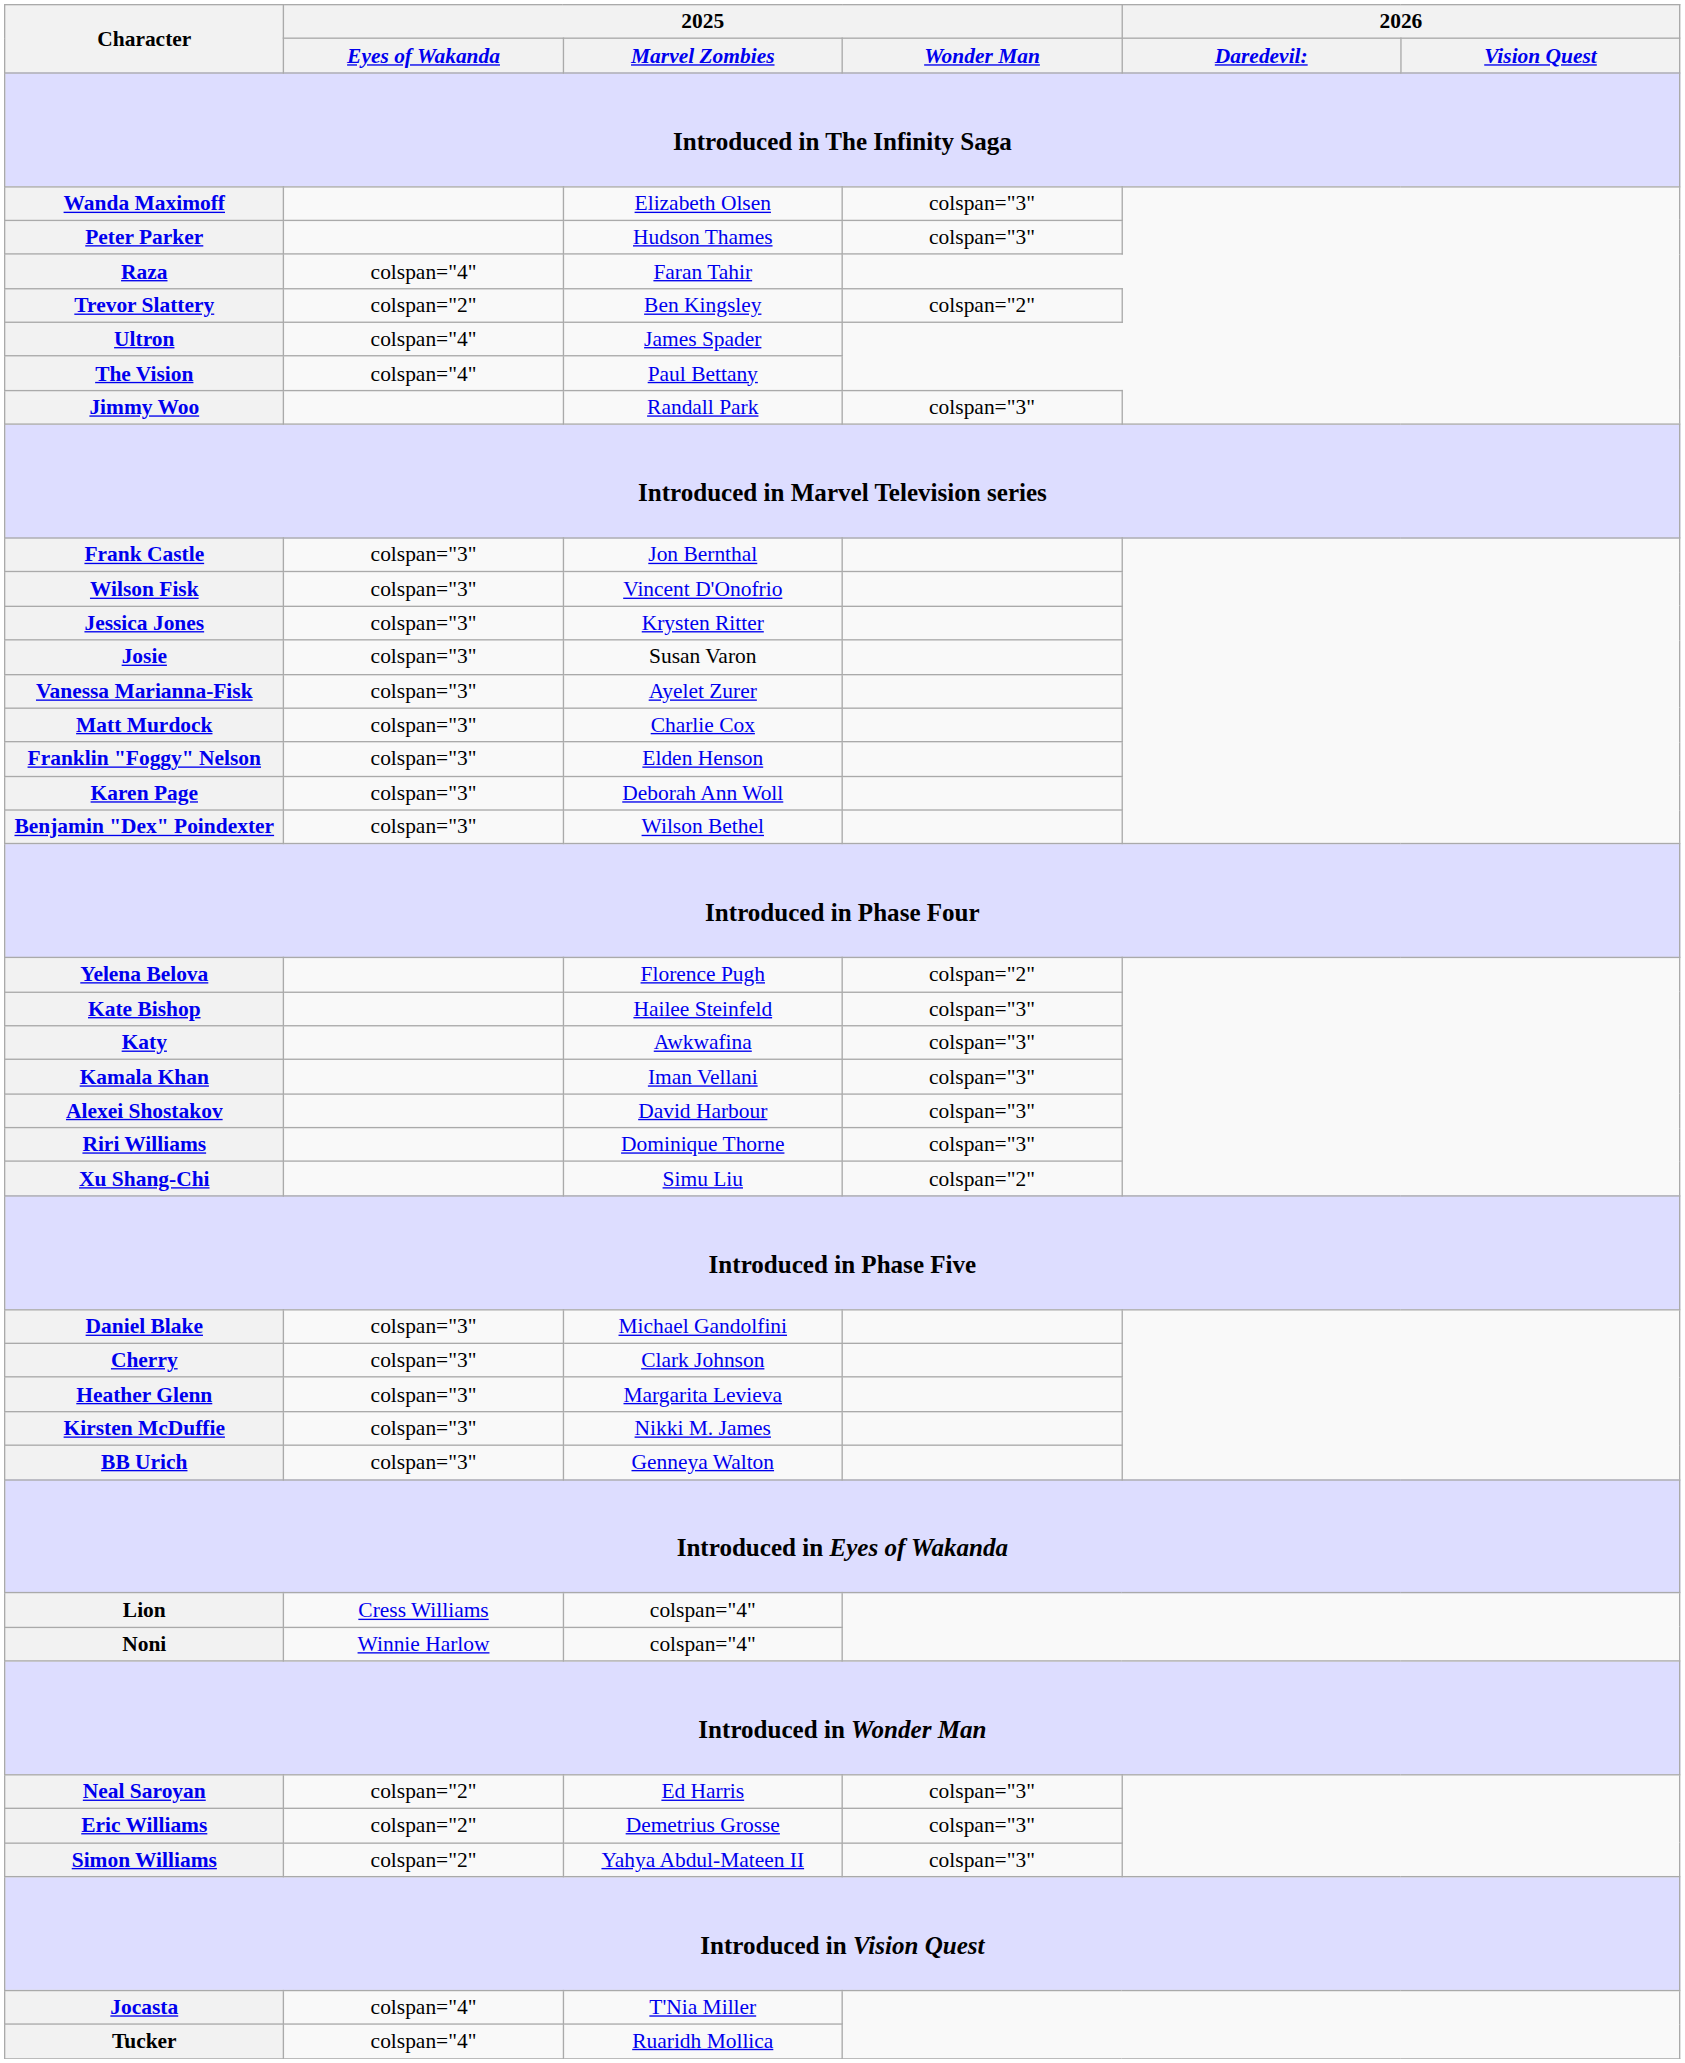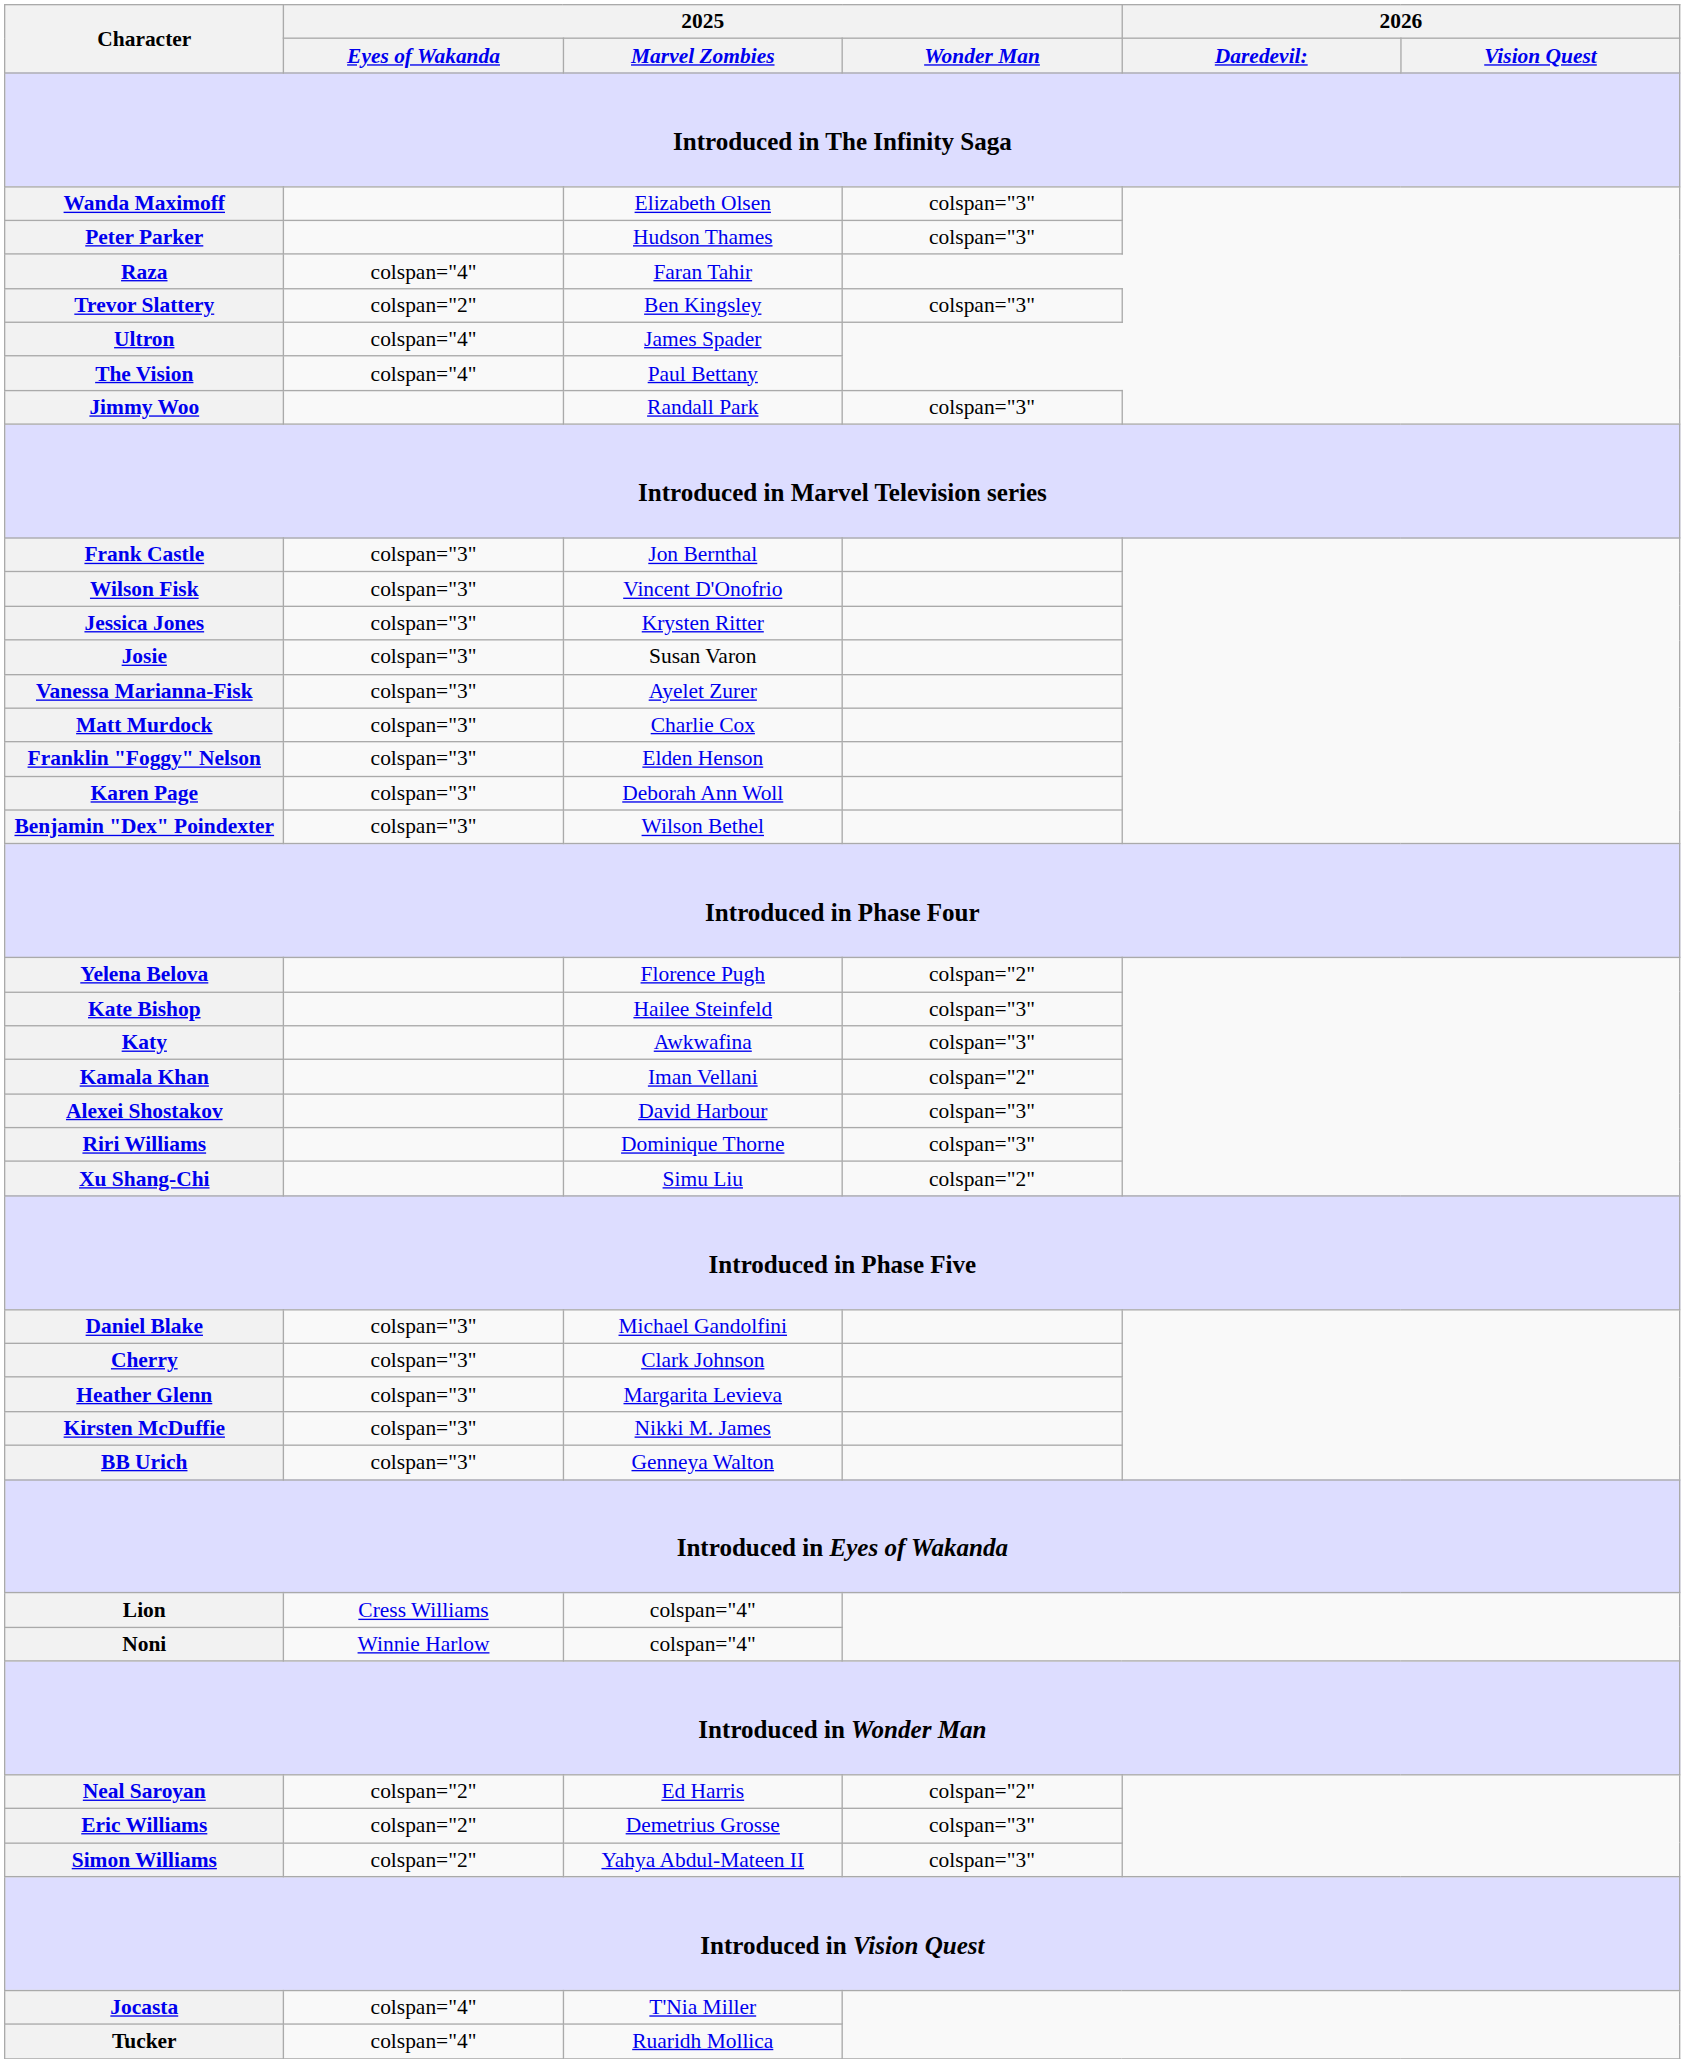 <table class="wikitable" style="text-align:center; width:99%;">
 <tr>
 <th rowspan="2" style="width:10%;">Character</th>
 <th colspan="3">2025</th>
 <th colspan="2">2026</th>
 </tr>
 <tr>
 <th style="width:10%;"><em><a href='#'>Eyes of Wakanda</a></em></th>
 <th style="width:10%;"><em><a href='#'>Marvel Zombies</a></em></th>
 <th style="width:10%;"><em><a href='#'>Wonder Man</a></em></th>
 <th style="width:10%;"><a href='#'><em>Daredevil:</em><br></a></th>
 <th style="width:10%;"><em><a href='#'>Vision Quest</a></em></th>
 </tr>
 <tr>
 <th scope="row" colspan="6" style="background-color:#ddf;"><br><h3>Introduced in The Infinity Saga</h3></th>
 </tr>
 <tr>
 <th scope="row"><a href='#'>Wanda Maximoff<br></a></th>
 <td></td>
 <td><a href='#'>Elizabeth Olsen</a></td>
 <td>colspan="3" </td>
 </tr>
 <tr>
 <th scope="row"><a href='#'>Peter Parker<br></a></th>
 <td></td>
 <td><a href='#'>Hudson Thames</a></td>
 <td>colspan="3" </td>
 </tr>
 <tr>
 <th scope="row"><a href='#'>Raza</a></th>
 <td>colspan="4" </td>
 <td><a href='#'>Faran Tahir</a></td>
 </tr>
 <tr>
 <th scope="row"><a href='#'>Trevor Slattery</a></th>
 <td>colspan="2" </td>
 <td><a href='#'>Ben Kingsley</a></td>
-<td>colspan="2" </td>
+<td>colspan="3" </td>
 </tr>
 <tr>
 <th scope="row"><a href='#'>Ultron</a></th>
 <td>colspan="4" </td>
 <td><a href='#'>James Spader</a></td>
 </tr>
 <tr>
 <th scope="row"><a href='#'>The Vision</a></th>
 <td>colspan="4" </td>
 <td><a href='#'>Paul Bettany</a></td>
 </tr>
 <tr>
 <th scope="row"><a href='#'>Jimmy Woo</a></th>
 <td></td>
 <td><a href='#'>Randall Park</a></td>
 <td>colspan="3" </td>
 </tr>
 <tr>
 <th scope="row" colspan="6" style="background-color:#ddf;"><br><h3>Introduced in Marvel Television series</h3></th>
 </tr>
 <tr>
 <th scope="row"><a href='#'>Frank Castle<br></a></th>
 <td>colspan="3" </td>
 <td><a href='#'>Jon Bernthal</a></td>
 <td></td>
 </tr>
 <tr>
 <th scope="row"><a href='#'>Wilson Fisk<br></a></th>
 <td>colspan="3" </td>
 <td><a href='#'>Vincent D'Onofrio</a></td>
 <td></td>
 </tr>
 <tr>
 <th scope="row"><a href='#'>Jessica Jones</a></th>
 <td>colspan="3" </td>
 <td><a href='#'>Krysten Ritter</a></td>
 <td></td>
 </tr>
 <tr>
 <th scope="row"><a href='#'>Josie</a></th>
 <td>colspan="3" </td>
 <td>Susan Varon</td>
 <td></td>
 </tr>
 <tr>
 <th scope="row"><a href='#'>Vanessa Marianna-Fisk</a></th>
 <td>colspan="3" </td>
 <td><a href='#'>Ayelet Zurer</a></td>
 <td></td>
 </tr>
 <tr>
 <th scope="row"><a href='#'>Matt Murdock<br></a></th>
 <td>colspan="3" </td>
 <td><a href='#'>Charlie Cox</a></td>
 <td></td>
 </tr>
 <tr>
 <th scope="row"><a href='#'>Franklin "Foggy" Nelson</a></th>
 <td>colspan="3" </td>
 <td><a href='#'>Elden Henson</a></td>
 <td></td>
 </tr>
 <tr>
 <th scope="row"><a href='#'>Karen Page</a></th>
 <td>colspan="3" </td>
 <td><a href='#'>Deborah Ann Woll</a></td>
 <td></td>
 </tr>
 <tr>
 <th scope="row"><a href='#'>Benjamin "Dex" Poindexter<br></a></th>
 <td>colspan="3" </td>
 <td><a href='#'>Wilson Bethel</a></td>
 <td></td>
 </tr>
 <tr>
 <th scope="row" colspan="6" style="background-color:#ddf;"><br><h3>Introduced in Phase Four</h3></th>
 </tr>
 <tr>
 <th scope="row"><a href='#'>Yelena Belova</a></th>
 <td></td>
 <td><a href='#'>Florence Pugh</a></td>
 <td>colspan="2" </td>
 </tr>
 <tr>
 <th scope="row"><a href='#'>Kate Bishop</a></th>
 <td></td>
 <td><a href='#'>Hailee Steinfeld</a></td>
 <td>colspan="3" </td>
 </tr>
 <tr>
 <th scope="row"><a href='#'>Katy</a></th>
 <td></td>
 <td><a href='#'>Awkwafina</a></td>
 <td>colspan="3" </td>
 </tr>
 <tr>
 <th scope="row"><a href='#'>Kamala Khan<br></a></th>
 <td></td>
 <td><a href='#'>Iman Vellani</a></td>
-<td>colspan="3" </td>
+<td>colspan="2" </td>
 </tr>
 <tr>
 <th scope="row"><a href='#'>Alexei Shostakov<br></a></th>
 <td></td>
 <td><a href='#'>David Harbour</a></td>
 <td>colspan="3" </td>
 </tr>
 <tr>
 <th scope="row"><a href='#'>Riri Williams<br></a></th>
 <td></td>
 <td><a href='#'>Dominique Thorne</a></td>
 <td>colspan="3" </td>
 </tr>
 <tr>
 <th scope="row"><a href='#'>Xu Shang-Chi</a></th>
 <td></td>
 <td><a href='#'>Simu Liu</a></td>
 <td>colspan="2" </td>
 </tr>
 <tr>
 <th scope="row" colspan="6" style="background-color:#ddf;"><br><h3>Introduced in Phase Five</h3></th>
 </tr>
 <tr>
 <th scope="row"><a href='#'>Daniel Blake</a></th>
 <td>colspan="3" </td>
 <td><a href='#'>Michael Gandolfini</a></td>
 <td></td>
 </tr>
 <tr>
 <th scope="row"><a href='#'>Cherry</a></th>
 <td>colspan="3" </td>
 <td><a href='#'>Clark Johnson</a></td>
 <td></td>
 </tr>
 <tr>
 <th scope="row"><a href='#'>Heather Glenn</a></th>
 <td>colspan="3" </td>
 <td><a href='#'>Margarita Levieva</a></td>
 <td></td>
 </tr>
 <tr>
 <th scope="row"><a href='#'>Kirsten McDuffie</a></th>
 <td>colspan="3" </td>
 <td><a href='#'>Nikki M. James</a></td>
 <td></td>
 </tr>
 <tr>
 <th scope="row"><a href='#'>BB Urich</a></th>
 <td>colspan="3" </td>
 <td><a href='#'>Genneya Walton</a></td>
 <td></td>
 </tr>
 <tr>
 <th scope="row" colspan="6" style="background-color:#ddf;"><br><h3>Introduced in <em>Eyes of Wakanda</em></h3></th>
 </tr>
 <tr>
 <th scope="row">Lion</th>
 <td><a href='#'>Cress Williams</a></td>
 <td>colspan="4" </td>
 </tr>
 <tr>
 <th scope="row">Noni</th>
 <td><a href='#'>Winnie Harlow</a></td>
 <td>colspan="4" </td>
 </tr>
 <tr>
 <th scope="row" colspan="6" style="background-color:#ddf;"><br><h3>Introduced in <em>Wonder Man</em></h3></th>
 </tr>
 <tr>
 <th scope="row"><a href='#'>Neal Saroyan</a></th>
 <td>colspan="2" </td>
 <td><a href='#'>Ed Harris</a></td>
-<td>colspan="3" </td>
+<td>colspan="2" </td>
 </tr>
 <tr>
 <th scope="row"><a href='#'>Eric Williams<br></a></th>
 <td>colspan="2" </td>
 <td><a href='#'>Demetrius Grosse</a></td>
 <td>colspan="3" </td>
 </tr>
 <tr>
 <th scope="row"><a href='#'>Simon Williams<br></a></th>
 <td>colspan="2" </td>
 <td><a href='#'>Yahya Abdul-Mateen II</a></td>
 <td>colspan="3" </td>
 </tr>
 <tr>
 <th scope="row" colspan="6" style="background-color:#ddf;"><br><h3>Introduced in <em>Vision Quest</em></h3></th>
 </tr>
 <tr>
 <th scope="row"><a href='#'>Jocasta</a></th>
 <td>colspan="4" </td>
 <td><a href='#'>T'Nia Miller</a></td>
 </tr>
 <tr>
 <th scope="row">Tucker</th>
 <td>colspan="4" </td>
 <td><a href='#'>Ruaridh Mollica</a></td>
 </tr>
 </table>
